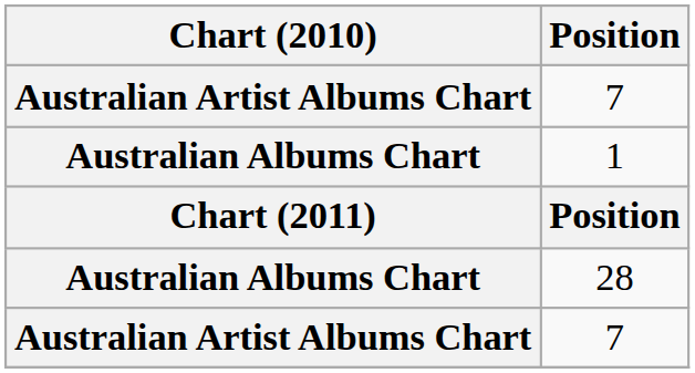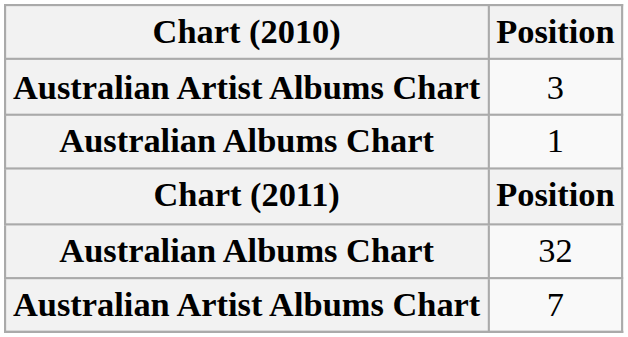 <table class="wikitable sortable plainrowheaders" style="text-align:center">
 <tr>
 <th scope="col">Chart (2010)</th>
 <th scope="col">Position</th>
 </tr>
 <tr>
 <th scope="row">Australian Artist Albums Chart</th>
-<td>7</td>
+<td>3</td>
 </tr>
 <tr>
 <th scope="row">Australian Albums Chart</th>
 <td>1</td>
 </tr>
 <tr>
 <th scope="col">Chart (2011)</th>
 <th scope="col">Position</th>
 </tr>
 <tr>
 <th scope="row">Australian Albums Chart</th>
-<td>28</td>
+<td>32</td>
 </tr>
 <tr>
 <th scope="row">Australian Artist Albums Chart</th>
 <td>7</td>
 </tr>
 <tr>
 </tr>
 </table>
